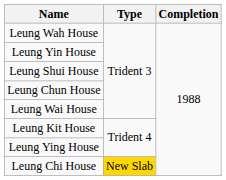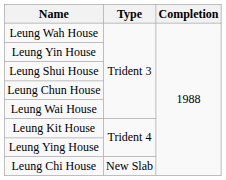 <table class="wikitable" style="text-align: center">
 <tr>
 <th>Name</th>
 <th>Type</th>
 <th>Completion</th>
 </tr>
 <tr>
 <td>Leung Wah House</td>
 <td rowspan="5">Trident 3</td>
 <td rowspan="8">1988</td>
 </tr>
 <tr>
 <td>Leung Yin House</td>
 </tr>
 <tr>
 <td>Leung Shui House</td>
 </tr>
 <tr>
 <td>Leung Chun House</td>
 </tr>
 <tr>
 <td>Leung Wai House</td>
 </tr>
 <tr>
 <td>Leung Kit House</td>
 <td rowspan="2">Trident 4</td>
 </tr>
 <tr>
 <td>Leung Ying House</td>
 </tr>
 <tr>
 <td>Leung Chi House</td>
-<td style="background: gold;">New Slab</td>
+<td>New Slab</td>
 </tr>
 </table>
